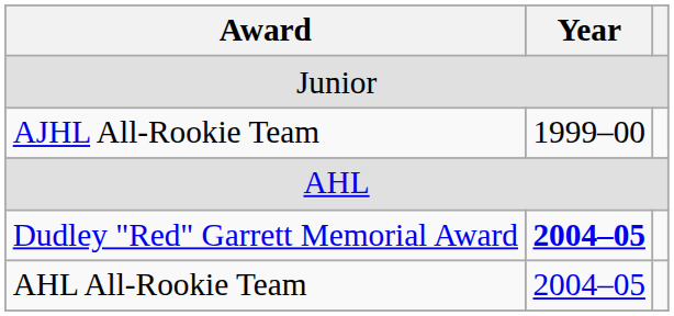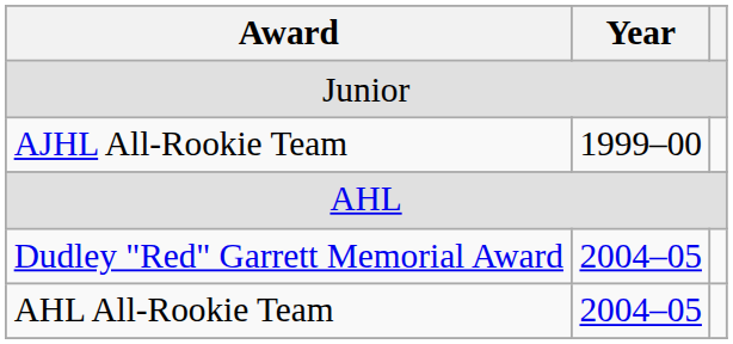 <table class="wikitable">
 <tr>
 <th>Award</th>
 <th>Year</th>
 <th></th>
 </tr>
 <tr ALIGN="center" bgcolor="#e0e0e0">
 <td colspan="3">Junior</td>
 </tr>
 <tr>
 <td><a href='#'>AJHL</a> All-Rookie Team</td>
 <td>1999–00</td>
 <td></td>
 </tr>
 <tr ALIGN="center" bgcolor="#e0e0e0">
 <td colspan="3"><a href='#'>AHL</a></td>
 </tr>
 <tr>
 <td><a href='#'>Dudley "Red" Garrett Memorial Award</a></td>
-<td><strong><a href='#'>2004–05</a></strong></td>
+<td><a href='#'>2004–05</a></td>
 <td></td>
 </tr>
 <tr>
 <td>AHL All-Rookie Team</td>
 <td><a href='#'>2004–05</a></td>
 <td></td>
 </tr>
 </table>
